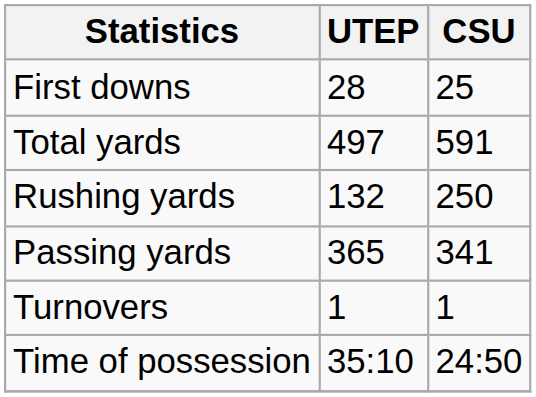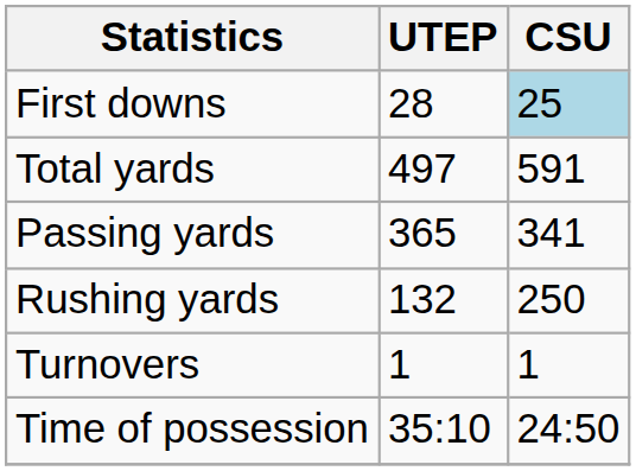 <table class="wikitable">
 <tr>
 <th>Statistics</th>
 <th>UTEP</th>
 <th>CSU</th>
 </tr>
 <tr>
 <td>First downs</td>
 <td>28</td>
-<td>25</td>
+<td style="background: lightblue;">25</td>
 </tr>
 <tr>
 <td>Total yards</td>
 <td>497</td>
 <td>591</td>
 </tr>
 <tr>
+<td>Passing yards</td>
+<td>365</td>
+<td>341</td>
+</tr>
+<tr>
 <td>Rushing yards</td>
 <td>132</td>
 <td>250</td>
-</tr>
-<tr>
-<td>Passing yards</td>
-<td>365</td>
-<td>341</td>
 </tr>
 <tr>
 <td>Turnovers</td>
 <td>1</td>
 <td>1</td>
 </tr>
 <tr>
 <td>Time of possession</td>
 <td>35:10</td>
 <td>24:50</td>
 </tr>
 <tr>
 </tr>
 </table>
